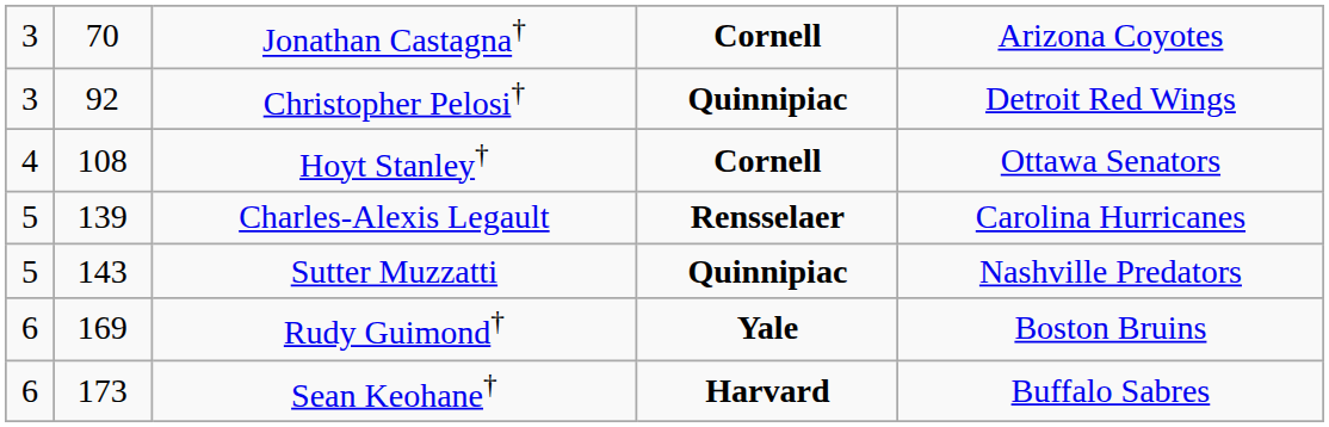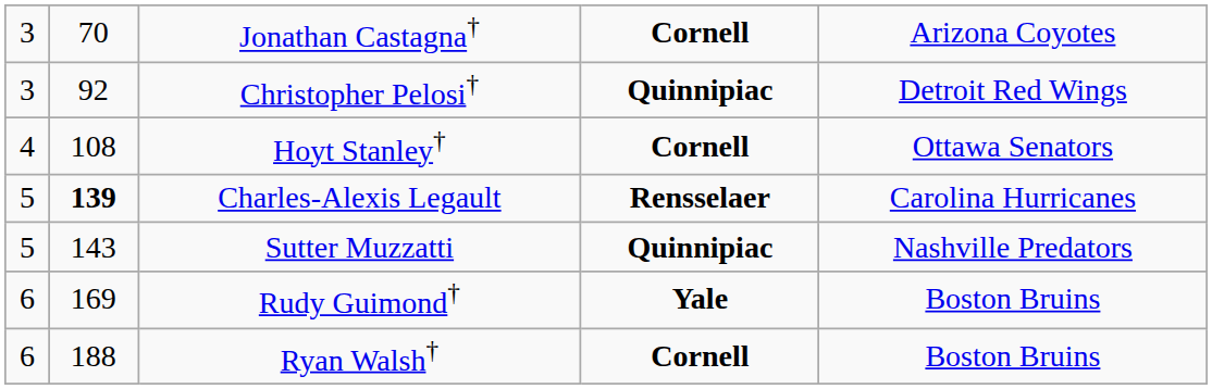 <table class="wikitable sortable" width="50%">
 <tr align="center" bgcolor="">
 <td>3</td>
 <td>70</td>
 <td><a href='#'>Jonathan Castagna</a><sup>†</sup></td>
 <td><strong>Cornell</strong></td>
 <td><a href='#'>Arizona Coyotes</a></td>
 </tr>
 <tr align="center" bgcolor="">
 <td>3</td>
 <td>92</td>
 <td><a href='#'>Christopher Pelosi</a><sup>†</sup></td>
 <td><strong>Quinnipiac</strong></td>
 <td><a href='#'>Detroit Red Wings</a></td>
 </tr>
 <tr align="center" bgcolor="">
 <td>4</td>
 <td>108</td>
 <td><a href='#'>Hoyt Stanley</a><sup>†</sup></td>
 <td><strong>Cornell</strong></td>
 <td><a href='#'>Ottawa Senators</a></td>
 </tr>
 <tr align="center" bgcolor="">
 <td>5</td>
-<td>139</td>
+<td><strong>139</strong></td>
 <td><a href='#'>Charles-Alexis Legault</a></td>
 <td><strong>Rensselaer</strong></td>
 <td><a href='#'>Carolina Hurricanes</a></td>
 </tr>
 <tr align="center" bgcolor="">
 <td>5</td>
 <td>143</td>
 <td><a href='#'>Sutter Muzzatti</a></td>
 <td><strong>Quinnipiac</strong></td>
 <td><a href='#'>Nashville Predators</a></td>
 </tr>
 <tr align="center" bgcolor="">
 <td>6</td>
 <td>169</td>
 <td><a href='#'>Rudy Guimond</a><sup>†</sup></td>
 <td><strong>Yale</strong></td>
 <td><a href='#'>Boston Bruins</a></td>
 </tr>
 <tr align="center" bgcolor="">
 <td>6</td>
-<td>173</td>
-<td><a href='#'>Sean Keohane</a><sup>†</sup></td>
-<td><strong>Harvard</strong></td>
-<td><a href='#'>Buffalo Sabres</a></td>
+<td>188</td>
+<td><a href='#'>Ryan Walsh</a><sup>†</sup></td>
+<td><strong>Cornell</strong></td>
+<td><a href='#'>Boston Bruins</a></td>
 </tr>
 </table>
